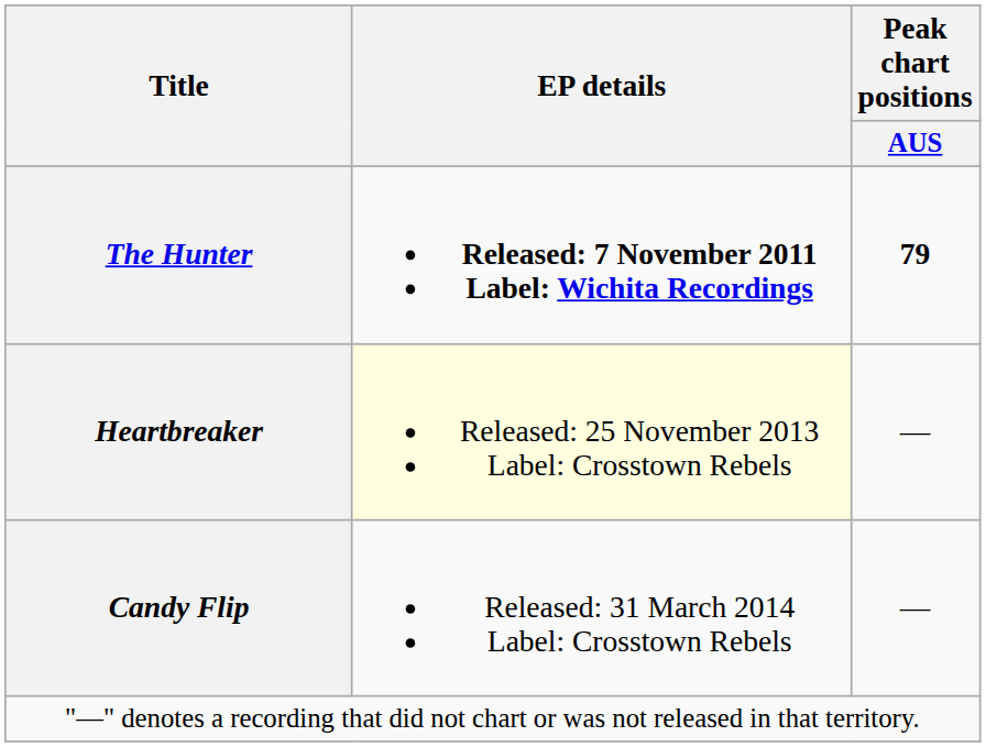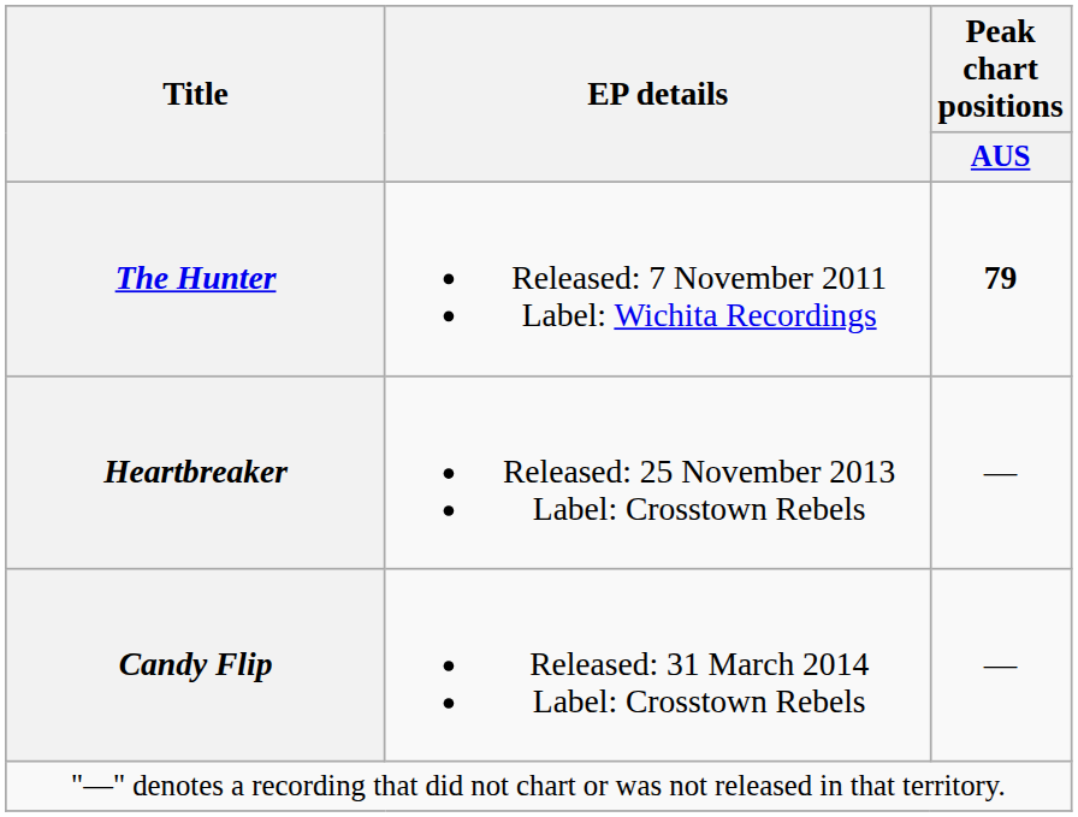 <table class="wikitable plainrowheaders" style="text-align:center;">
 <tr>
 <th scope="col" rowspan="2" style="width:11em;">Title</th>
 <th scope="col" rowspan="2" style="width:16em;">EP details</th>
 <th scope="col" colspan="1">Peak chart positions</th>
 </tr>
 <tr>
 <th scope="col" style="width:3em;font-size:90%;"><a href='#'>AUS</a><br></th>
 </tr>
 <tr>
 <th scope="row"><em><a href='#'>The Hunter</a></em></th>
-<td><strong><br><ul><li>Released: 7 November 2011</li><li>Label: <a href='#'>Wichita Recordings</a></li></ul></strong></td>
+<td><br><ul><li>Released: 7 November 2011</li><li>Label: <a href='#'>Wichita Recordings</a></li></ul></td>
 <td><strong>79</strong></td>
 </tr>
 <tr>
 <th scope="row"><em>Heartbreaker</em></th>
-<td style="background: lightyellow;"><br><ul><li>Released: 25 November 2013</li><li>Label: Crosstown Rebels</li></ul></td>
+<td><br><ul><li>Released: 25 November 2013</li><li>Label: Crosstown Rebels</li></ul></td>
 <td>—</td>
 </tr>
 <tr>
 <th scope="row"><em>Candy Flip</em></th>
 <td><br><ul><li>Released: 31 March 2014</li><li>Label: Crosstown Rebels</li></ul></td>
 <td>—</td>
 </tr>
 <tr>
 <td colspan="14" style="font-size:90%">"—" denotes a recording that did not chart or was not released in that territory.</td>
 </tr>
 </table>
